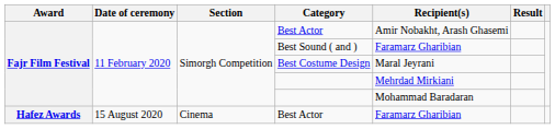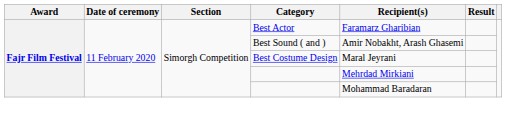 <table class="wikitable plainrowheaders sortable">
 <tr>
 <th scope="col">Award</th>
 <th scope="col">Date of ceremony</th>
 <th scope="col">Section</th>
 <th scope="col">Category</th>
 <th scope="col">Recipient(s)</th>
 <th scope="col">Result</th>
 <th scope="col" class="unsortable"></th>
 </tr>
 <tr>
 <th rowspan="5" scope="row"><a href='#'>Fajr Film Festival</a></th>
 <td rowspan="5"><a href='#'>11 February 2020</a></td>
 <td rowspan="5">Simorgh Competition</td>
 <td><a href='#'>Best Actor</a></td>
-<td>Amir Nobakht, Arash Ghasemi</td>
+<td><a href='#'>Faramarz Gharibian</a></td>
 <td></td>
 <td style="text-align:center;" rowspan="5"></td>
 </tr>
 <tr>
 <td>Best Sound ( and )</td>
-<td><a href='#'>Faramarz Gharibian</a></td>
+<td>Amir Nobakht, Arash Ghasemi</td>
 <td></td>
 </tr>
 <tr>
 <td><a href='#'>Best Costume Design</a></td>
 <td>Maral Jeyrani</td>
 <td></td>
 </tr>
 <tr>
 <td></td>
 <td><a href='#'>Mehrdad Mirkiani</a></td>
 <td></td>
 </tr>
 <tr>
 <td></td>
 <td>Mohammad Baradaran</td>
 <td></td>
 </tr>
-<tr>
-<th scope="row"><a href='#'>Hafez Awards</a></th>
-<td>15 August 2020</td>
-<td>Cinema</td>
-<td>Best Actor</td>
-<td><a href='#'>Faramarz Gharibian</a></td>
-<td></td>
-<td style="text-align:center;"></td>
-</tr>
 </table>
